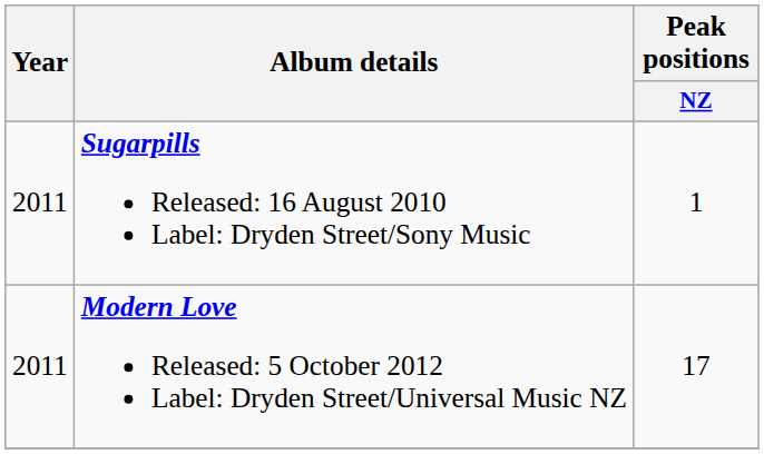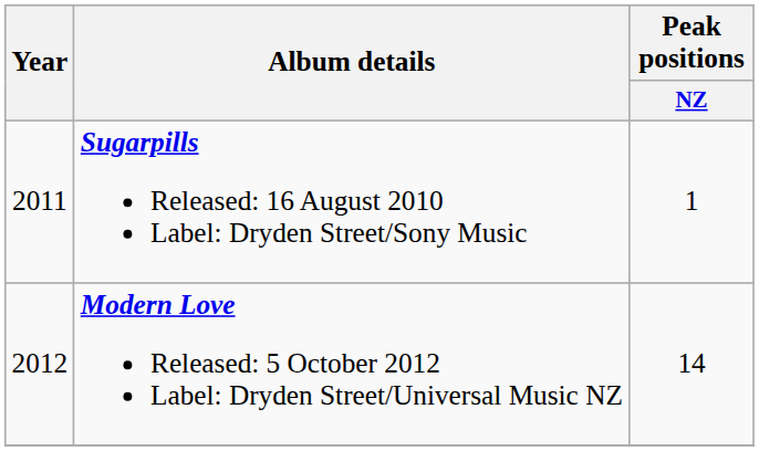 <table class="wikitable" style="text-align:center;">
 <tr>
 <th rowspan="2">Year</th>
 <th rowspan="2">Album details</th>
 <th colspan="1">Peak positions</th>
 </tr>
 <tr style="font-size:smaller;">
 <th width="65"><a href='#'>NZ</a></th>
 </tr>
 <tr>
 <td>2011</td>
 <td align="left"><strong><em><a href='#'>Sugarpills</a></em></strong><br><ul><li>Released: 16 August 2010</li><li>Label: Dryden Street/Sony Music</li></ul></td>
 <td>1</td>
 </tr>
 <tr>
-<td>2011</td>
+<td>2012</td>
 <td align="left"><strong><em><a href='#'>Modern Love</a></em></strong><br><ul><li>Released: 5 October 2012</li><li>Label: Dryden Street/Universal Music NZ</li></ul></td>
-<td>17</td>
+<td>14</td>
 </tr>
 <tr>
 </tr>
 </table>
